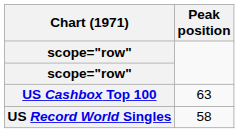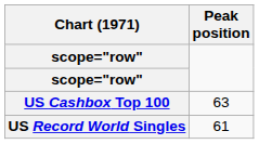 <table class="wikitable sortable plainrowheaders">
 <tr>
 <th scope="col">Chart (1971)</th>
 <th scope="col">Peak<br>position</th>
 </tr>
 <tr>
 <th>scope="row" </th>
 </tr>
 <tr>
 <th>scope="row" </th>
 </tr>
 <tr>
 <th scope="row"><a href='#'>US <em>Cashbox</em> Top 100</a></th>
 <td style="text-align:center;">63</td>
 </tr>
 <tr>
 <th scope="row">US <a href='#'><em>Record World</em> Singles</a></th>
-<td style="text-align:center;">58</td>
+<td style="text-align:center;">61</td>
 </tr>
 </table>
